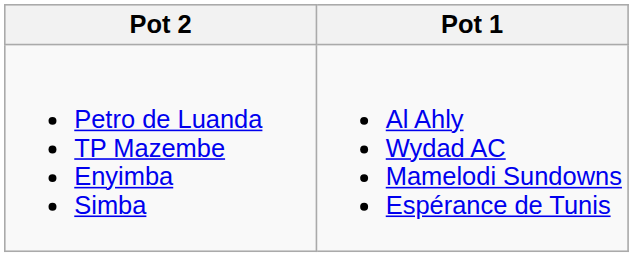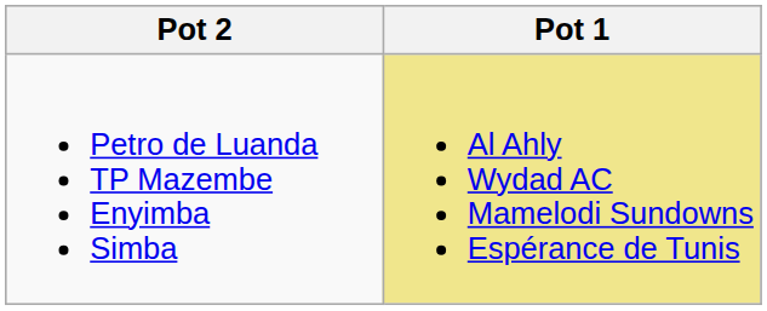 <table class="wikitable">
 <tr>
 <th width=50%>Pot 2</th>
 <th width=50%>Pot 1</th>
 </tr>
 <tr>
 <td valign=top><br><ul><li> <a href='#'>Petro de Luanda</a></li><li> <a href='#'>TP Mazembe</a></li><li> <a href='#'>Enyimba</a></li><li> <a href='#'>Simba</a></li></ul></td>
-<td valign=top><br><ul><li> <a href='#'>Al Ahly</a></li><li> <a href='#'>Wydad AC</a></li><li> <a href='#'>Mamelodi Sundowns</a></li><li> <a href='#'>Espérance de Tunis</a></li></ul></td>
+<td valign=top style="background: khaki;"><br><ul><li> <a href='#'>Al Ahly</a></li><li> <a href='#'>Wydad AC</a></li><li> <a href='#'>Mamelodi Sundowns</a></li><li> <a href='#'>Espérance de Tunis</a></li></ul></td>
 </tr>
 </table>
